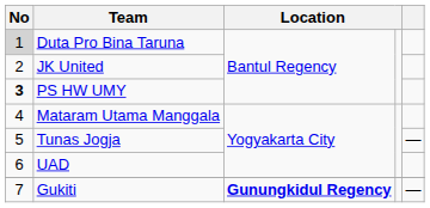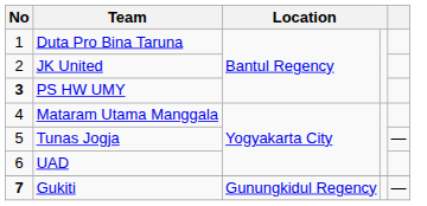 <table class="wikitable sortable" style="font-size:100%;">
 <tr>
 <th>No</th>
 <th>Team</th>
 <th colspan="2">Location</th>
 <th></th>
 </tr>
 <tr>
-<td align="center" style="background: lightgrey;">1</td>
+<td align="center">1</td>
 <td><a href='#'>Duta Pro Bina Taruna</a></td>
 <td rowspan="3"><a href='#'>Bantul Regency</a></td>
 <td rowspan="3"></td>
 <td align="center"></td>
 </tr>
 <tr>
 <td align="center">2</td>
 <td><a href='#'>JK United</a></td>
 <td align="center"></td>
 </tr>
 <tr>
 <td align="center"><strong>3</strong></td>
 <td><a href='#'>PS HW UMY</a></td>
 <td align="center"></td>
 </tr>
 <tr>
 <td align="center">4</td>
 <td><a href='#'>Mataram Utama Manggala</a></td>
 <td rowspan="3"><a href='#'>Yogyakarta City</a></td>
 <td rowspan="3"></td>
 <td align="center"></td>
 </tr>
 <tr>
 <td align="center">5</td>
 <td><a href='#'>Tunas Jogja</a></td>
 <td align="center">—</td>
 </tr>
 <tr>
 <td align="center">6</td>
 <td><a href='#'>UAD</a></td>
 <td align="center"></td>
 </tr>
 <tr>
 </tr>
 <tr>
-<td align="center">7</td>
+<td align="center"><strong>7</strong></td>
 <td><a href='#'>Gukiti</a></td>
-<td><strong><a href='#'>Gunungkidul Regency</a></strong></td>
+<td><a href='#'>Gunungkidul Regency</a></td>
 <td></td>
 <td align="center">—</td>
 </tr>
 </table>
